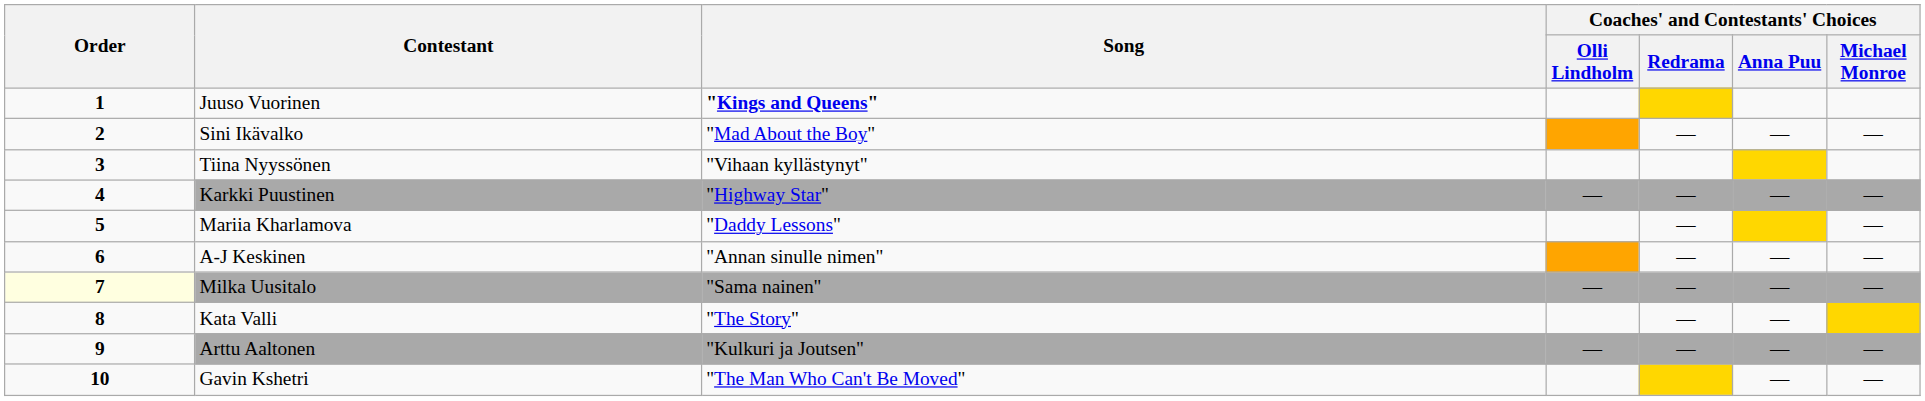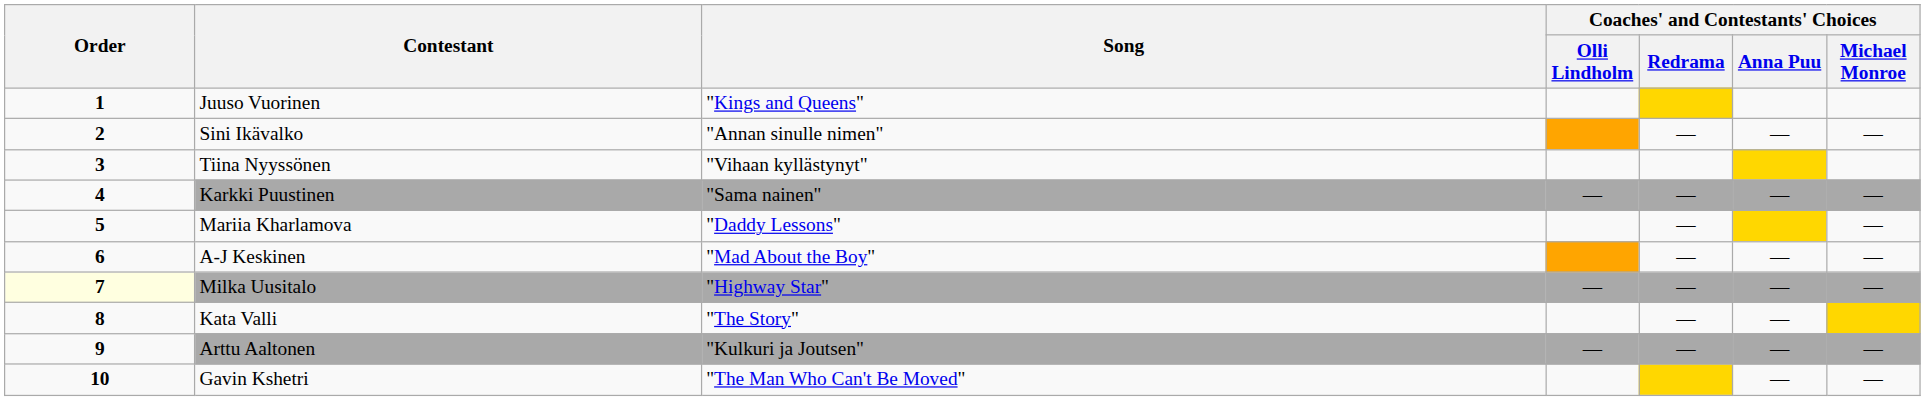 <table class="wikitable" style="width:100%;">
 <tr>
 <th rowspan=2>Order</th>
 <th rowspan=2>Contestant</th>
 <th rowspan=2>Song</th>
 <th colspan=4>Coaches' and Contestants' Choices</th>
 </tr>
 <tr>
 <th width="70"><a href='#'>Olli Lindholm</a></th>
 <th width="70"><a href='#'>Redrama</a></th>
 <th width="70"><a href='#'>Anna Puu</a></th>
 <th width="70"><a href='#'>Michael Monroe</a></th>
 </tr>
 <tr>
 <td align="center"><strong>1</strong></td>
 <td>Juuso Vuorinen</td>
-<td><strong>"<a href='#'>Kings and Queens</a>"</strong></td>
+<td>"<a href='#'>Kings and Queens</a>"</td>
 <td style=";text-align:center;"></td>
 <td style="background:gold;text-align:center;"></td>
 <td style=";text-align:center;"></td>
 <td style=";text-align:center;"></td>
 </tr>
 <tr>
 <td align="center"><strong>2</strong></td>
 <td>Sini Ikävalko</td>
-<td>"<a href='#'>Mad About the Boy</a>"</td>
+<td>"Annan sinulle nimen"</td>
 <td style="background:orange;text-align:center;"></td>
 <td align="center">—</td>
 <td align="center">—</td>
 <td align="center">—</td>
 </tr>
 <tr>
 <td align="center"><strong>3</strong></td>
 <td>Tiina Nyyssönen</td>
 <td>"Vihaan kyllästynyt"</td>
 <td style=";text-align:center;"></td>
 <td style=";text-align:center;"></td>
 <td style="background:gold;text-align:center;"></td>
 <td style=";text-align:center;"></td>
 </tr>
 <tr>
 <td align="center"><strong>4</strong></td>
 <td style="background:darkgrey;text-align:left;">Karkki Puustinen</td>
-<td style="background:darkgrey;text-align:left;">"<a href='#'>Highway Star</a>"</td>
+<td style="background:darkgrey;text-align:left;">"Sama nainen"</td>
 <td style="background:darkgrey;text-align:center;">—</td>
 <td style="background:darkgrey;text-align:center;">—</td>
 <td style="background:darkgrey;text-align:center;">—</td>
 <td style="background:darkgrey;text-align:center;">—</td>
 </tr>
 <tr>
 <td align="center"><strong>5</strong></td>
 <td>Mariia Kharlamova</td>
 <td>"<a href='#'>Daddy Lessons</a>"</td>
 <td style=";text-align:center;"></td>
 <td align="center">—</td>
 <td style="background:gold;text-align:center;"></td>
 <td align="center">—</td>
 </tr>
 <tr>
 <td align="center"><strong>6</strong></td>
 <td>A-J Keskinen</td>
-<td>"Annan sinulle nimen"</td>
+<td>"<a href='#'>Mad About the Boy</a>"</td>
 <td style="background:orange;text-align:center;"></td>
 <td align="center">—</td>
 <td align="center">—</td>
 <td align="center">—</td>
 </tr>
 <tr>
 <td align="center" style="background: lightyellow;"><strong>7</strong></td>
 <td style="background:darkgrey;text-align:left;">Milka Uusitalo</td>
-<td style="background:darkgrey;text-align:left;">"Sama nainen"</td>
+<td style="background:darkgrey;text-align:left;">"<a href='#'>Highway Star</a>"</td>
 <td style="background:darkgrey;text-align:center;">—</td>
 <td style="background:darkgrey;text-align:center;">—</td>
 <td style="background:darkgrey;text-align:center;">—</td>
 <td style="background:darkgrey;text-align:center;">—</td>
 </tr>
 <tr>
 <td align="center"><strong>8</strong></td>
 <td>Kata Valli</td>
 <td>"<a href='#'>The Story</a>"</td>
 <td style=";text-align:center;"></td>
 <td align="center">—</td>
 <td align="center">—</td>
 <td style="background:gold;text-align:center;"></td>
 </tr>
 <tr>
 <td align="center"><strong>9</strong></td>
 <td style="background:darkgrey;text-align:left;">Arttu Aaltonen</td>
 <td style="background:darkgrey;text-align:left;">"Kulkuri ja Joutsen"</td>
 <td style="background:darkgrey;text-align:center;">—</td>
 <td style="background:darkgrey;text-align:center;">—</td>
 <td style="background:darkgrey;text-align:center;">—</td>
 <td style="background:darkgrey;text-align:center;">—</td>
 </tr>
 <tr>
 <td align="center"><strong>10</strong></td>
 <td>Gavin Kshetri</td>
 <td>"<a href='#'>The Man Who Can't Be Moved</a>"</td>
 <td style=";text-align:center;"></td>
 <td style="background:gold;text-align:center;"></td>
 <td align="center">—</td>
 <td align="center">—</td>
 </tr>
 </table>
